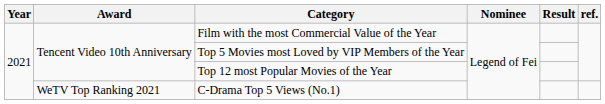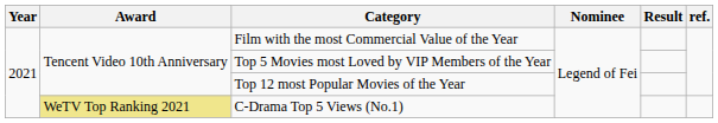 <table class="wikitable">
 <tr>
 <th>Year</th>
 <th>Award</th>
 <th>Category</th>
 <th>Nominee</th>
 <th>Result</th>
 <th>ref.</th>
 </tr>
 <tr>
 <td rowspan=4>2021</td>
 <td rowspan=3>Tencent Video 10th Anniversary</td>
 <td rowspan=1>Film with the most Commercial Value of the Year</td>
 <td rowspan=4>Legend of Fei</td>
 <td></td>
 <td rowspan=3></td>
 </tr>
 <tr>
 <td rowspan=1>Top 5 Movies most Loved by VIP Members of the Year</td>
 <td></td>
 </tr>
 <tr>
 <td rowspan=1>Top 12 most Popular Movies of the Year</td>
 <td></td>
 </tr>
 <tr>
-<td rowspan=1>WeTV Top Ranking 2021</td>
+<td rowspan=1 style="background: khaki;">WeTV Top Ranking 2021</td>
 <td>C-Drama Top 5 Views (No.1)</td>
 <td></td>
 <td rowspan=1></td>
 </tr>
 </table>
